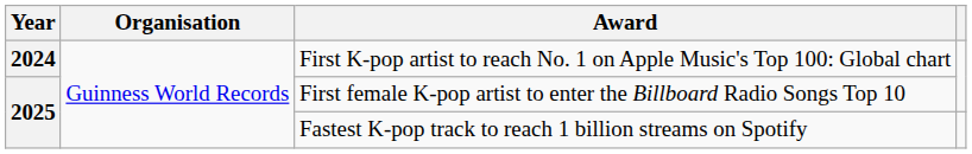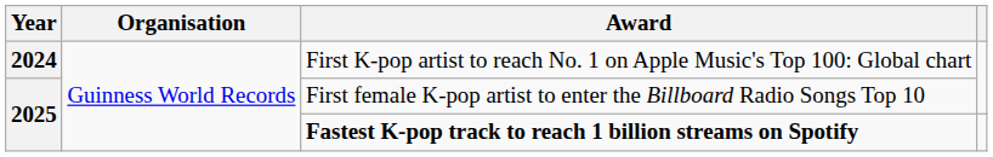 <table class="wikitable plainrowheaders">
 <tr>
 <th scope="col">Year</th>
 <th scope="col">Organisation</th>
 <th scope="col">Award</th>
 <th scope="col"></th>
 </tr>
 <tr>
 <th scope="row">2024</th>
 <td rowspan="3"><a href='#'>Guinness World Records</a></td>
 <td>First K-pop artist to reach No. 1 on Apple Music's Top 100: Global chart</td>
 <td rowspan="2" style="text-align:center"></td>
 </tr>
 <tr>
 <th scope="row" rowspan="2">2025</th>
 <td>First female K-pop artist to enter the <em>Billboard</em> Radio Songs Top 10</td>
 </tr>
 <tr>
-<td>Fastest K-pop track to reach 1 billion streams on Spotify</td>
+<td><strong>Fastest K-pop track to reach 1 billion streams on Spotify</strong></td>
 <td style="text-align:center"></td>
 </tr>
 </table>
